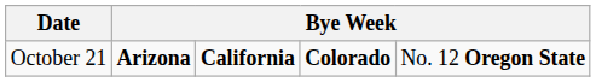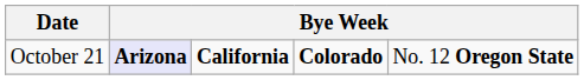 <table class="wikitable" style="font-size:95%;">
 <tr>
 <th>Date</th>
 <th colspan="4">Bye Week</th>
 </tr>
 <tr>
 <td>October 21</td>
-<td><strong>Arizona</strong></td>
+<td style="background: lavender;"><strong>Arizona</strong></td>
 <td><strong>California</strong></td>
 <td><strong>Colorado</strong></td>
 <td>No. 12 <strong>Oregon State</strong></td>
 </tr>
 </table>
